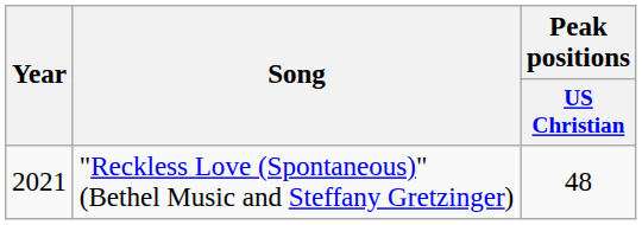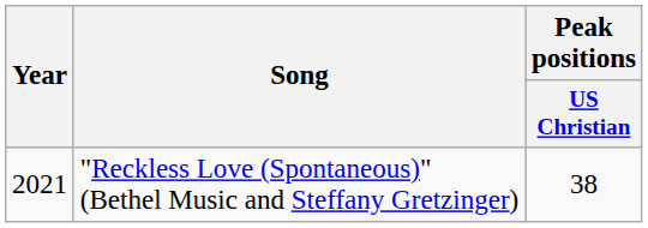 <table class="wikitable" style="text-align:center;">
 <tr>
 <th rowspan="2">Year</th>
 <th rowspan="2">Song</th>
 <th colspan="1">Peak<br>positions</th>
 </tr>
 <tr style="font-size:smaller;">
 <th width="45"><a href='#'>US Christian</a><br></th>
 </tr>
 <tr>
 <td>2021</td>
 <td align="left">"<a href='#'>Reckless Love (Spontaneous)</a>" <br> (Bethel Music and <a href='#'>Steffany Gretzinger</a>)</td>
-<td>48</td>
+<td>38</td>
 </tr>
 </table>
